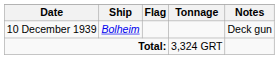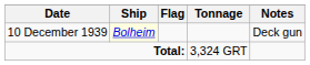 <table class=wikitable>
 <tr>
 </tr>
 <tr>
 <th>Date</th>
 <th>Ship</th>
 <th>Flag</th>
 <th>Tonnage</th>
 <th>Notes</th>
 </tr>
 <tr>
 <td>10 December 1939</td>
-<td><a href='#'><em>Bolheim</em></a></td>
+<td style="background: lightyellow;"><a href='#'><em>Bolheim</em></a></td>
 <td></td>
 <td></td>
 <td>Deck gun</td>
 </tr>
 <tr>
 <td colspan="3" style="text-align:right;"><strong>Total:</strong></td>
 <td>3,324 GRT</td>
 <td></td>
 </tr>
 </table>
